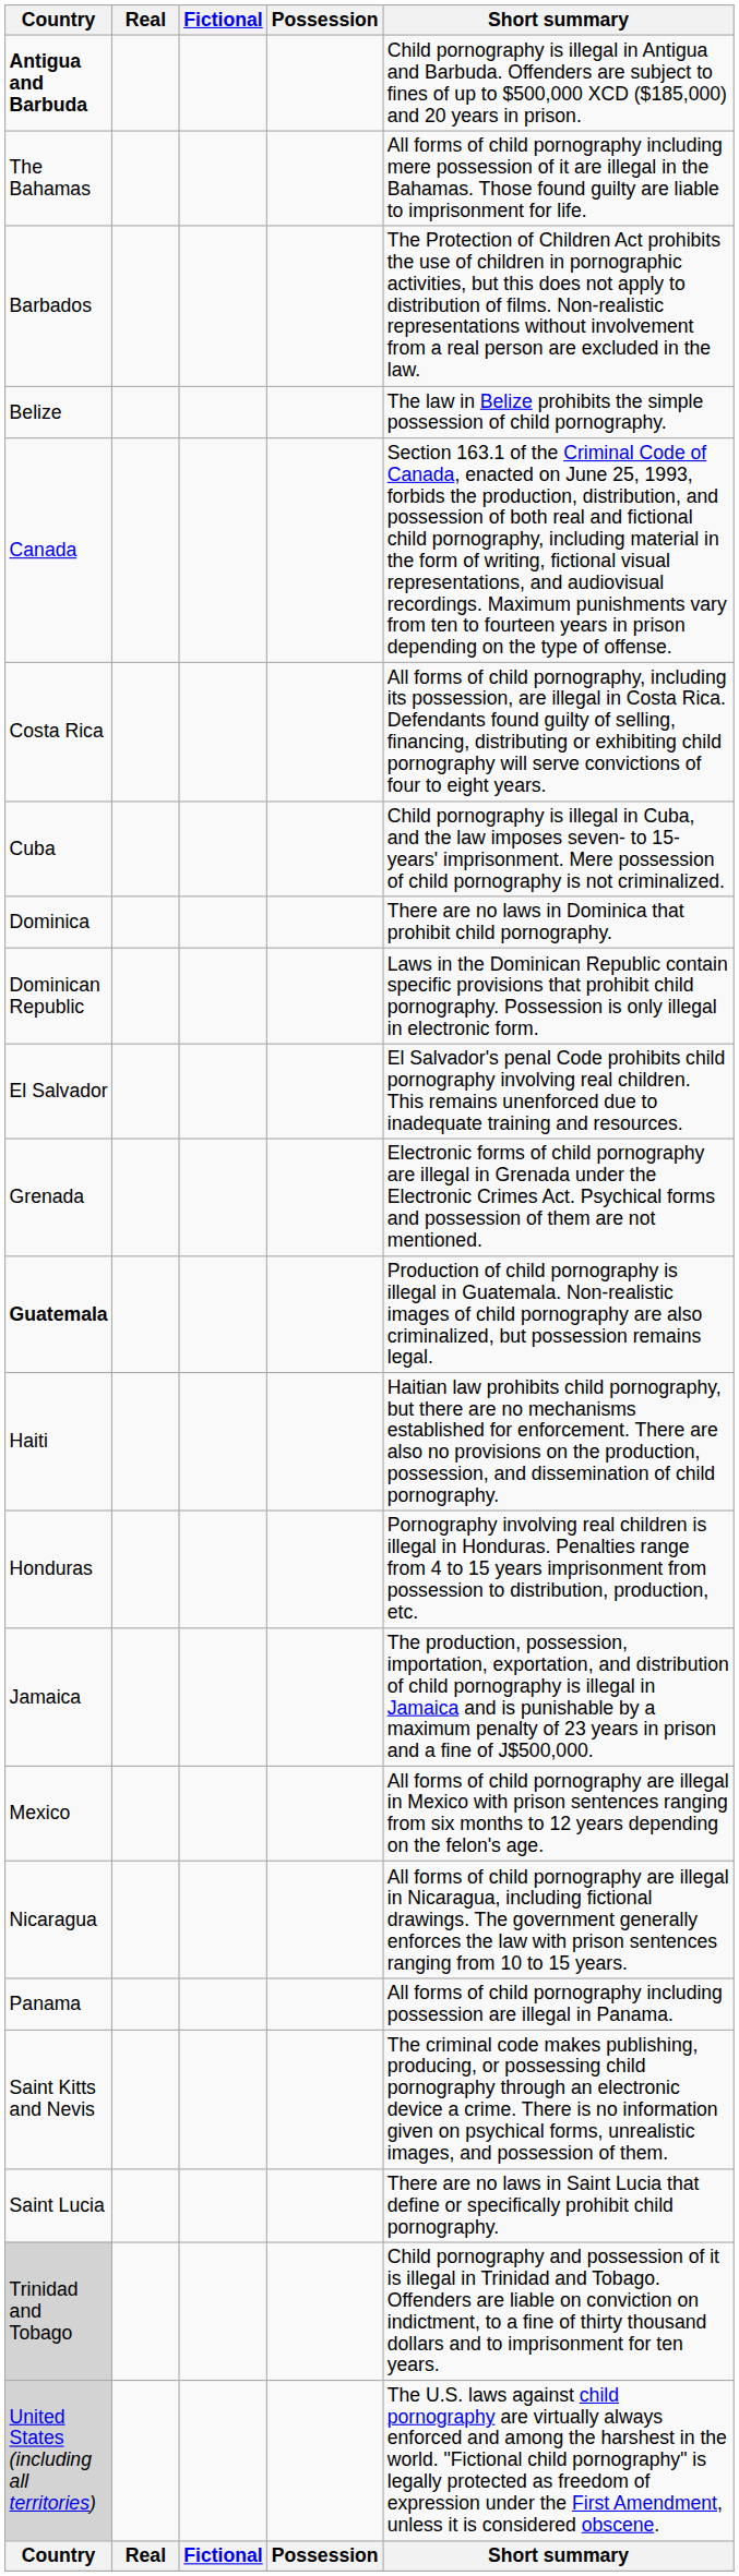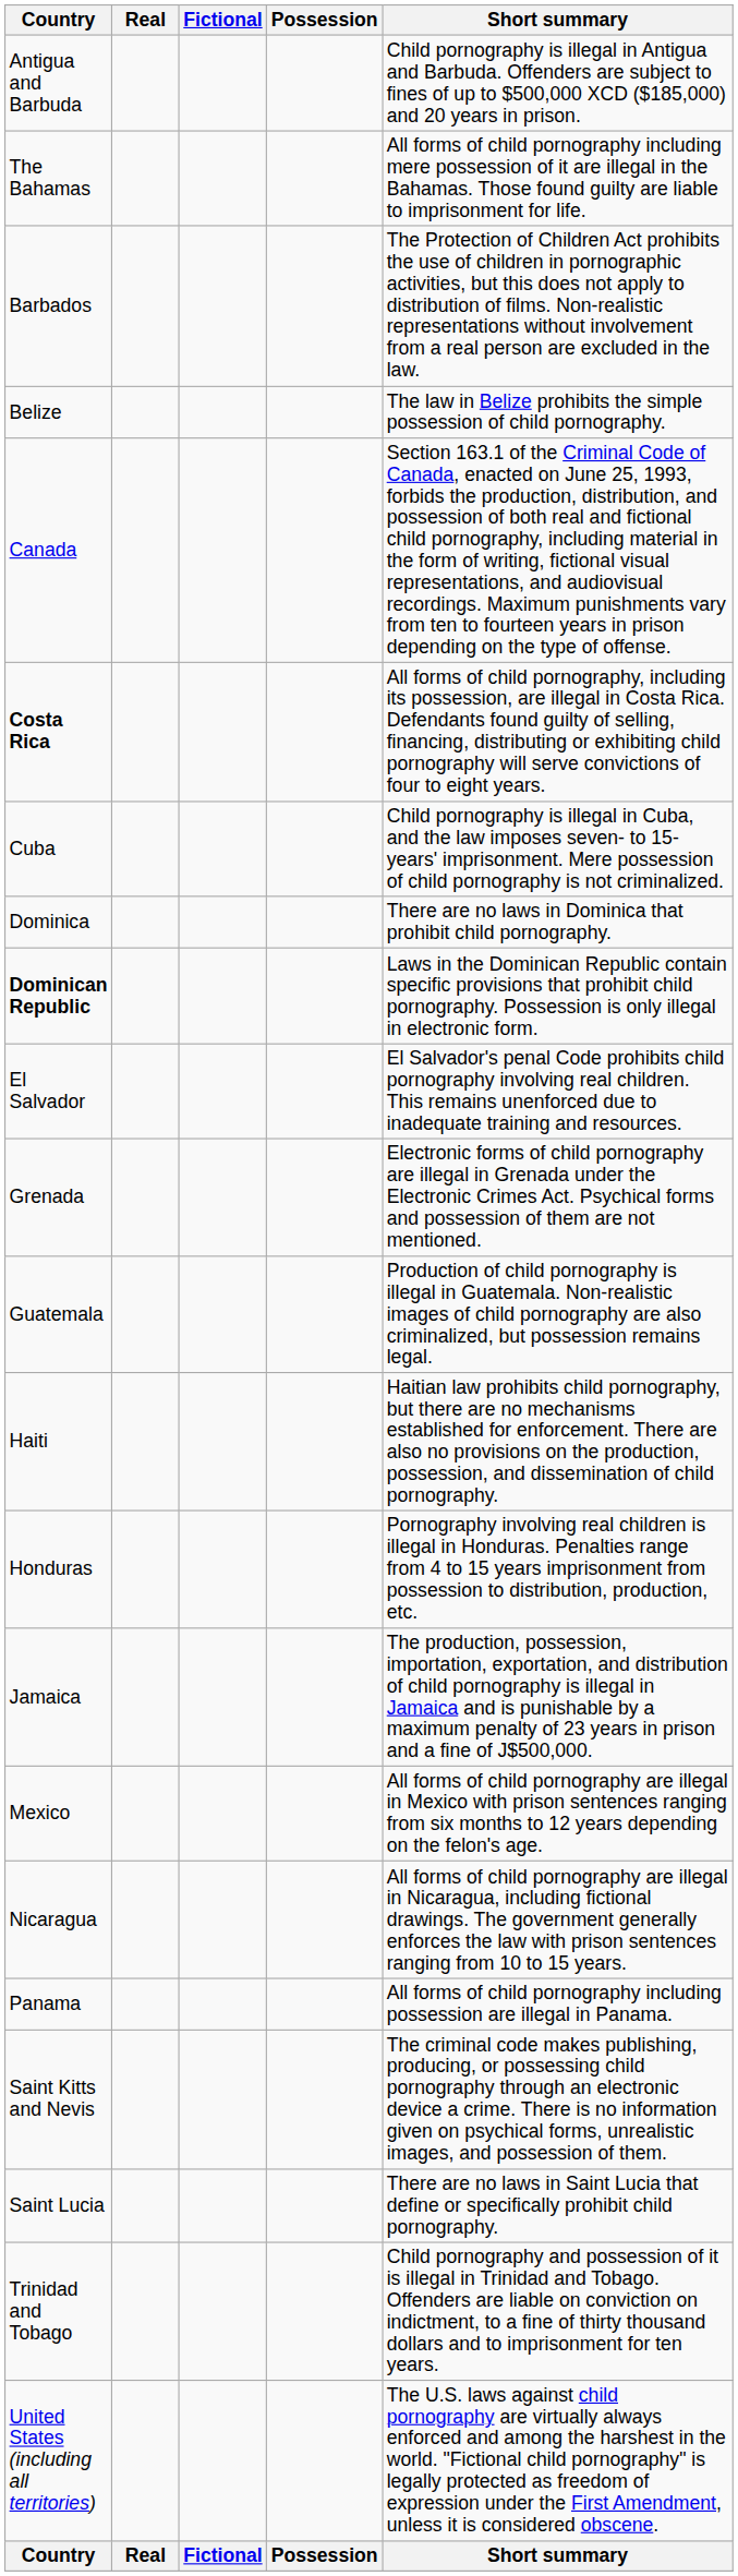 <table class="wikitable sortable">
 <tr>
 <th style="width: 13%">Country</th>
 <th style="width: 10%">Real</th>
 <th style="width: 10%"><a href='#'>Fictional</a></th>
 <th style="width: 10%">Possession</th>
 <th style="width: 57%" class="unsortable">Short summary</th>
 </tr>
 <tr>
-<td><strong>Antigua and Barbuda</strong></td>
+<td>Antigua and Barbuda</td>
 <td></td>
 <td></td>
 <td></td>
 <td>Child pornography is illegal in Antigua and Barbuda. Offenders are subject to fines of up to $500,000 XCD ($185,000) and 20 years in prison.</td>
 </tr>
 <tr>
 <td>The Bahamas</td>
 <td></td>
 <td></td>
 <td></td>
 <td>All forms of child pornography including mere possession of it are illegal in the Bahamas. Those found guilty are liable to imprisonment for life.</td>
 </tr>
 <tr>
 <td>Barbados</td>
 <td></td>
 <td></td>
 <td></td>
 <td>The Protection of Children Act prohibits the use of children in pornographic activities, but this does not apply to distribution of films. Non-realistic representations without involvement from a real person are excluded in the law.</td>
 </tr>
 <tr>
 <td>Belize</td>
 <td></td>
 <td></td>
 <td></td>
 <td>The law in <a href='#'>Belize</a> prohibits the simple possession of child pornography.</td>
 </tr>
 <tr>
 <td><a href='#'>Canada</a></td>
 <td></td>
 <td></td>
 <td></td>
 <td>Section 163.1 of the <a href='#'>Criminal Code of Canada</a>, enacted on June 25, 1993, forbids the production, distribution, and possession of both real and fictional child pornography, including material in the form of writing, fictional visual representations, and audiovisual recordings. Maximum punishments vary from ten to fourteen years in prison depending on the type of offense.</td>
 </tr>
 <tr>
-<td>Costa Rica</td>
+<td><strong>Costa Rica</strong></td>
 <td></td>
 <td></td>
 <td></td>
 <td>All forms of child pornography, including its possession, are illegal in Costa Rica. Defendants found guilty of selling, financing, distributing or exhibiting child pornography will serve convictions of four to eight years.</td>
 </tr>
 <tr>
 <td>Cuba</td>
 <td></td>
 <td></td>
 <td></td>
 <td>Child pornography is illegal in Cuba, and the law imposes seven- to 15-years' imprisonment. Mere possession of child pornography is not criminalized.</td>
 </tr>
 <tr>
 <td>Dominica</td>
 <td></td>
 <td></td>
 <td></td>
 <td>There are no laws in Dominica that prohibit child pornography.</td>
 </tr>
 <tr>
-<td>Dominican Republic</td>
+<td><strong>Dominican Republic</strong></td>
 <td></td>
 <td></td>
 <td></td>
 <td>Laws in the Dominican Republic contain specific provisions that prohibit child pornography. Possession is only illegal in electronic form.</td>
 </tr>
 <tr>
 <td>El Salvador</td>
 <td></td>
 <td></td>
 <td></td>
 <td>El Salvador's penal Code prohibits child pornography involving real children. This remains unenforced due to inadequate training and resources.</td>
 </tr>
 <tr>
 <td>Grenada</td>
 <td></td>
 <td></td>
 <td></td>
 <td>Electronic forms of child pornography are illegal in Grenada under the Electronic Crimes Act. Psychical forms and possession of them are not mentioned.</td>
 </tr>
 <tr>
-<td><strong>Guatemala</strong></td>
+<td>Guatemala</td>
 <td></td>
 <td></td>
 <td></td>
 <td>Production of child pornography is illegal in Guatemala. Non-realistic images of child pornography are also criminalized, but possession remains legal.</td>
 </tr>
 <tr>
 <td>Haiti</td>
 <td></td>
 <td></td>
 <td></td>
 <td>Haitian law prohibits child pornography, but there are no mechanisms established for enforcement. There are also no provisions on the production, possession, and dissemination of child pornography.</td>
 </tr>
 <tr>
 <td>Honduras</td>
 <td></td>
 <td></td>
 <td></td>
 <td>Pornography involving real children is illegal in Honduras. Penalties range from 4 to 15 years imprisonment from possession to distribution, production, etc.</td>
 </tr>
 <tr>
 <td>Jamaica</td>
 <td></td>
 <td></td>
 <td></td>
 <td>The production, possession, importation, exportation, and distribution of child pornography is illegal in <a href='#'>Jamaica</a> and is punishable by a maximum penalty of 23 years in prison and a fine of J$500,000.</td>
 </tr>
 <tr>
 <td>Mexico</td>
 <td></td>
 <td></td>
 <td></td>
 <td>All forms of child pornography are illegal in Mexico with prison sentences ranging from six months to 12 years depending on the felon's age.</td>
 </tr>
 <tr>
 <td>Nicaragua</td>
 <td></td>
 <td></td>
 <td></td>
 <td>All forms of child pornography are illegal in Nicaragua, including fictional drawings. The government generally enforces the law with prison sentences ranging from 10 to 15 years.</td>
 </tr>
 <tr>
 <td>Panama</td>
 <td></td>
 <td></td>
 <td></td>
 <td>All forms of child pornography including possession are illegal in Panama.</td>
 </tr>
 <tr>
 <td>Saint Kitts and Nevis</td>
 <td></td>
 <td></td>
 <td></td>
 <td>The criminal code makes publishing, producing, or possessing child pornography through an electronic device a crime. There is no information given on psychical forms, unrealistic images, and possession of them.</td>
 </tr>
 <tr>
 <td>Saint Lucia</td>
 <td></td>
 <td></td>
 <td></td>
 <td>There are no laws in Saint Lucia that define or specifically prohibit child pornography.</td>
 </tr>
 <tr>
-<td style="background: lightgrey;">Trinidad and Tobago</td>
+<td>Trinidad and Tobago</td>
 <td></td>
 <td></td>
 <td></td>
 <td>Child pornography and possession of it is illegal in Trinidad and Tobago. Offenders are liable on conviction on indictment, to a fine of thirty thousand dollars and to imprisonment for ten years.</td>
 </tr>
 <tr>
-<td style="background: lightgrey;"><a href='#'>United States</a> <em>(including all <a href='#'>territories</a>)</em></td>
+<td><a href='#'>United States</a> <em>(including all <a href='#'>territories</a>)</em></td>
 <td></td>
 <td></td>
 <td></td>
 <td>The U.S. laws against <a href='#'>child pornography</a> are virtually always enforced and among the harshest in the world. "Fictional child pornography" is legally protected as freedom of expression under the <a href='#'>First Amendment</a>, unless it is considered <a href='#'>obscene</a>.</td>
 </tr>
 <tr>
 <th style="width: 13%">Country</th>
 <th style="width: 10%">Real</th>
 <th style="width: 10%"><a href='#'>Fictional</a></th>
 <th style="width: 10%">Possession</th>
 <th style="width: 57%" class="unsortable">Short summary</th>
 </tr>
 <tr>
 </tr>
 </table>
